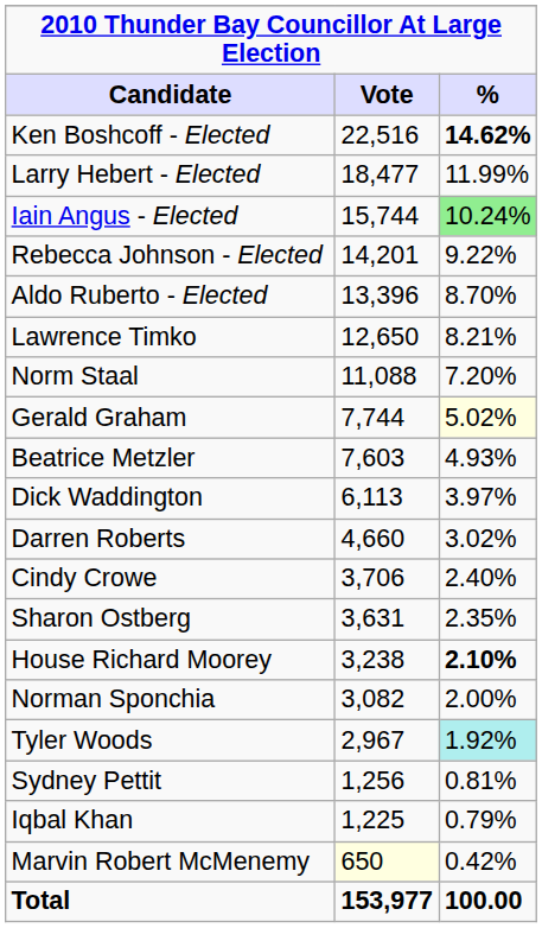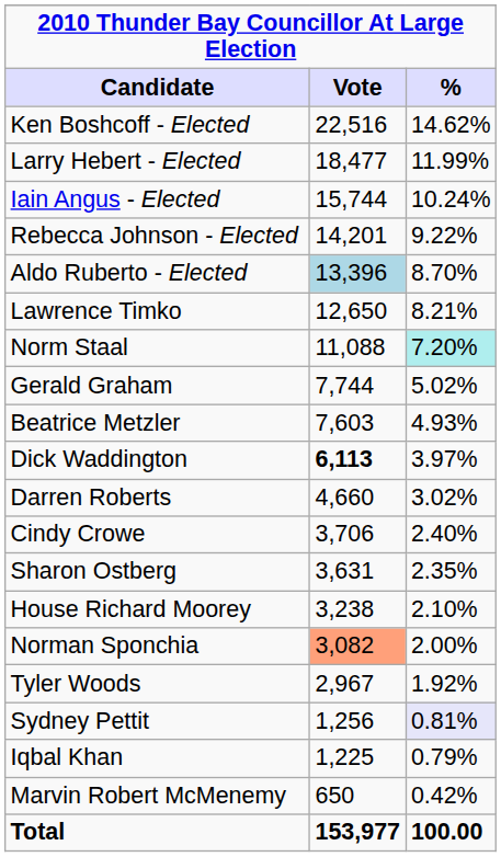 <table class="wikitable sortable">
 <tr style="background-color:#E9E9E9">
 </tr>
 <tr>
 <td colspan="3" style="text-align:center;"><strong><a href='#'>2010 Thunder Bay Councillor At Large Election</a></strong></td>
 </tr>
 <tr>
 <th style="background:#ddf; width:200px;">Candidate</th>
 <th style="background:#ddf; width:50px;">Vote</th>
 <th style="background:#ddf; width:30px;">%</th>
 </tr>
 <tr>
 <td>Ken Boshcoff - <em>Elected</em></td>
 <td>22,516</td>
-<td><strong>14.62%</strong></td>
+<td>14.62%</td>
 </tr>
 <tr>
 <td>Larry Hebert - <em>Elected</em></td>
 <td>18,477</td>
 <td>11.99%</td>
 </tr>
 <tr>
 <td><a href='#'>Iain Angus</a> - <em>Elected</em></td>
 <td>15,744</td>
-<td style="background: lightgreen;">10.24%</td>
+<td>10.24%</td>
 </tr>
 <tr>
 <td>Rebecca Johnson - <em>Elected</em></td>
 <td>14,201</td>
 <td>9.22%</td>
 </tr>
 <tr>
 <td>Aldo Ruberto - <em>Elected</em></td>
-<td>13,396</td>
+<td style="background: lightblue;">13,396</td>
 <td>8.70%</td>
 </tr>
 <tr>
 <td>Lawrence Timko</td>
 <td>12,650</td>
 <td>8.21%</td>
 </tr>
 <tr>
 <td>Norm Staal</td>
 <td>11,088</td>
-<td>7.20%</td>
+<td style="background: paleturquoise;">7.20%</td>
 </tr>
 <tr>
 <td>Gerald Graham</td>
 <td>7,744</td>
-<td style="background: lightyellow;">5.02%</td>
+<td>5.02%</td>
 </tr>
 <tr>
 <td>Beatrice Metzler</td>
 <td>7,603</td>
 <td>4.93%</td>
 </tr>
 <tr>
 <td>Dick Waddington</td>
-<td>6,113</td>
+<td><strong>6,113</strong></td>
 <td>3.97%</td>
 </tr>
 <tr>
 <td>Darren Roberts</td>
 <td>4,660</td>
 <td>3.02%</td>
 </tr>
 <tr>
 <td>Cindy Crowe</td>
 <td>3,706</td>
 <td>2.40%</td>
 </tr>
 <tr>
 <td>Sharon Ostberg</td>
 <td>3,631</td>
 <td>2.35%</td>
 </tr>
 <tr>
 <td>House Richard Moorey</td>
 <td>3,238</td>
-<td><strong>2.10%</strong></td>
+<td>2.10%</td>
 </tr>
 <tr>
 <td>Norman Sponchia</td>
-<td>3,082</td>
+<td style="background: lightsalmon;">3,082</td>
 <td>2.00%</td>
 </tr>
 <tr>
 <td>Tyler Woods</td>
 <td>2,967</td>
-<td style="background: paleturquoise;">1.92%</td>
+<td>1.92%</td>
 </tr>
 <tr>
 <td>Sydney Pettit</td>
 <td>1,256</td>
-<td>0.81%</td>
+<td style="background: lavender;">0.81%</td>
 </tr>
 <tr>
 <td>Iqbal Khan</td>
 <td>1,225</td>
 <td>0.79%</td>
 </tr>
 <tr>
 <td>Marvin Robert McMenemy</td>
-<td style="background: lightyellow;">650</td>
+<td>650</td>
 <td>0.42%</td>
 </tr>
 <tr>
 <td><strong>Total</strong></td>
 <td><strong>153,977</strong></td>
 <td><strong>100.00</strong></td>
 </tr>
 </table>
